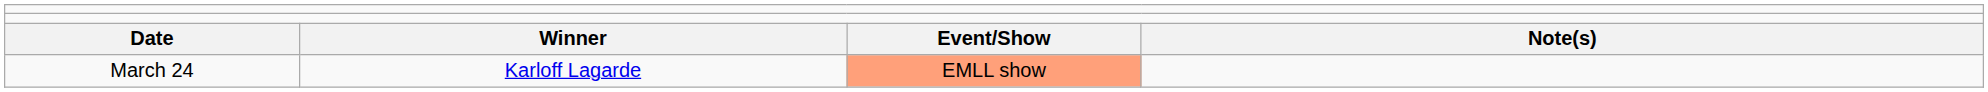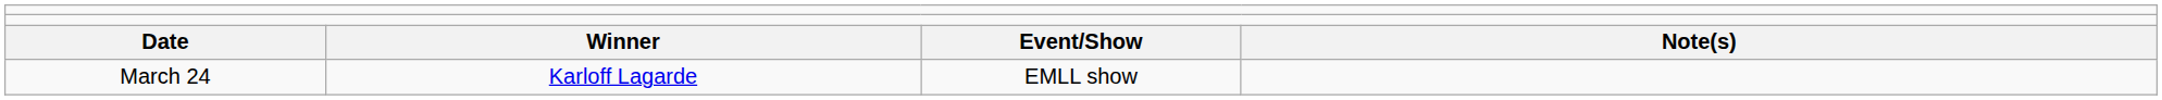 <table class="wikitable" style="text-align:center; width:100%;">
 <tr>
 <td colspan=5></td>
 </tr>
 <tr>
 <td colspan=5><strong></strong></td>
 </tr>
 <tr>
 <th width=14%>Date</th>
 <th width=26%>Winner</th>
 <th width=14%>Event/Show</th>
 <th width=40%>Note(s)</th>
 </tr>
 <tr>
 <td>March 24</td>
 <td><a href='#'>Karloff Lagarde</a></td>
-<td style="background: lightsalmon;">EMLL show</td>
+<td>EMLL show</td>
 <td align=left></td>
 </tr>
 </table>
